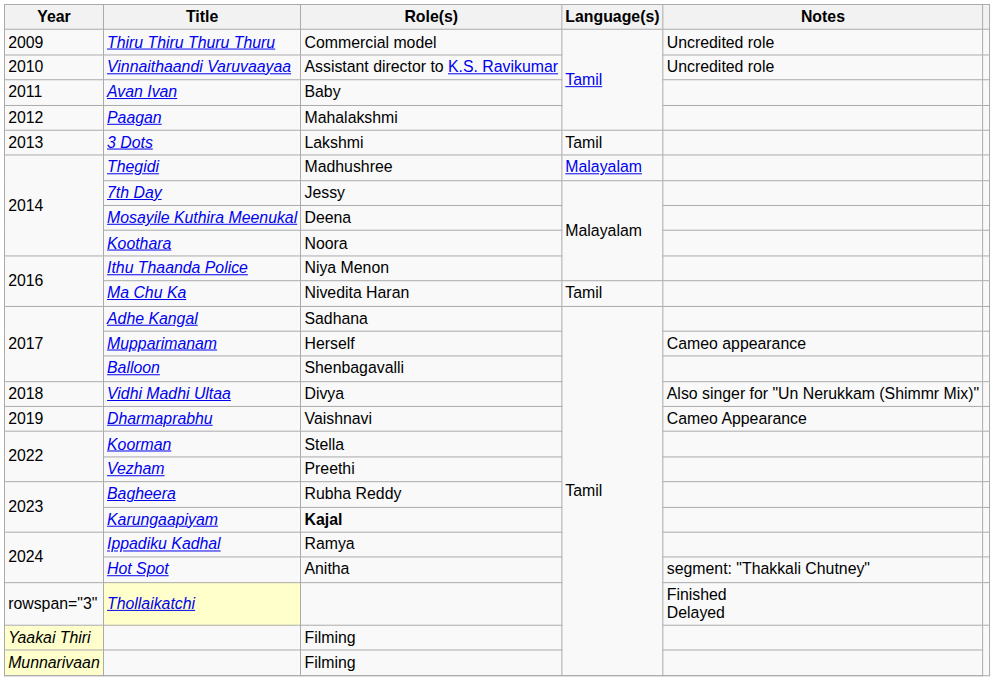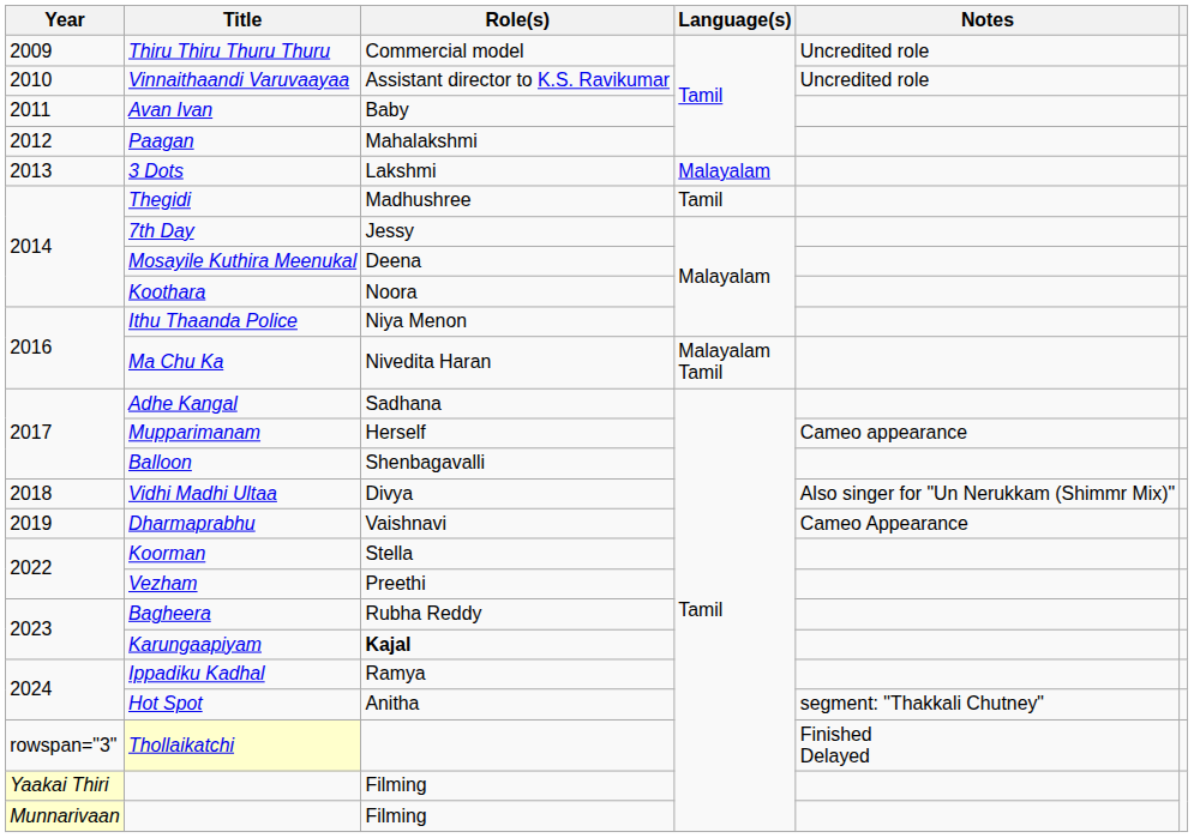 <table class="wikitable sortable">
 <tr>
 <th scope="col">Year</th>
 <th scope="col">Title</th>
 <th scope="col">Role(s)</th>
 <th scope="col">Language(s)</th>
 <th scope="col" class="unsortable">Notes</th>
 <th scope="col" class="unsortable"></th>
 </tr>
 <tr>
 <td>2009</td>
 <td><em><a href='#'>Thiru Thiru Thuru Thuru</a></em></td>
 <td>Commercial model</td>
 <td rowspan="4"><a href='#'>Tamil</a></td>
 <td>Uncredited role</td>
 <td></td>
 </tr>
 <tr>
 <td>2010</td>
 <td><em><a href='#'>Vinnaithaandi Varuvaayaa</a></em></td>
 <td>Assistant director to <a href='#'>K.S. Ravikumar</a></td>
 <td>Uncredited role</td>
 <td></td>
 </tr>
 <tr>
 <td>2011</td>
 <td><em><a href='#'>Avan Ivan</a></em></td>
 <td>Baby</td>
 <td></td>
 <td></td>
 </tr>
 <tr>
 <td>2012</td>
 <td><em><a href='#'>Paagan</a></em></td>
 <td>Mahalakshmi</td>
 <td></td>
 <td></td>
 </tr>
 <tr>
 <td>2013</td>
 <td><em><a href='#'>3 Dots</a></em></td>
 <td>Lakshmi</td>
-<td>Tamil</td>
+<td><a href='#'>Malayalam</a></td>
 <td></td>
 <td></td>
 </tr>
 <tr>
 <td rowspan="4">2014</td>
 <td><em><a href='#'>Thegidi</a></em></td>
 <td>Madhushree</td>
-<td><a href='#'>Malayalam</a></td>
+<td>Tamil</td>
 <td></td>
 <td></td>
 </tr>
 <tr>
 <td><em><a href='#'>7th Day</a></em></td>
 <td>Jessy</td>
 <td rowspan="4">Malayalam</td>
 <td></td>
 <td></td>
 </tr>
 <tr>
 <td><em><a href='#'>Mosayile Kuthira Meenukal</a></em></td>
 <td>Deena</td>
 <td></td>
 <td></td>
 </tr>
 <tr>
 <td><em><a href='#'>Koothara</a></em></td>
 <td>Noora</td>
 <td></td>
 <td></td>
 </tr>
 <tr>
 <td rowspan="2">2016</td>
 <td><em><a href='#'>Ithu Thaanda Police</a></em></td>
 <td>Niya Menon</td>
 <td></td>
 <td></td>
 </tr>
 <tr>
 <td><em><a href='#'>Ma Chu Ka</a></em></td>
 <td>Nivedita Haran</td>
-<td>Tamil</td>
+<td>Malayalam<br>Tamil</td>
 <td></td>
 <td></td>
 </tr>
 <tr>
 <td rowspan="3">2017</td>
 <td><em><a href='#'>Adhe Kangal</a></em></td>
 <td>Sadhana</td>
 <td rowspan="14">Tamil</td>
 <td></td>
 <td></td>
 </tr>
 <tr>
 <td><em><a href='#'>Mupparimanam</a></em></td>
 <td>Herself</td>
 <td>Cameo appearance</td>
 <td></td>
 </tr>
 <tr>
 <td><em><a href='#'>Balloon</a></em></td>
 <td>Shenbagavalli</td>
 <td></td>
 <td></td>
 </tr>
 <tr>
 <td>2018</td>
 <td><em><a href='#'>Vidhi Madhi Ultaa</a></em></td>
 <td>Divya</td>
 <td>Also singer for "Un Nerukkam (Shimmr Mix)"</td>
 <td></td>
 </tr>
 <tr>
 <td>2019</td>
 <td><em><a href='#'>Dharmaprabhu</a></em></td>
 <td>Vaishnavi</td>
 <td>Cameo Appearance</td>
 <td></td>
 </tr>
 <tr>
 <td rowspan="2">2022</td>
 <td><em><a href='#'>Koorman</a></em></td>
 <td>Stella</td>
 <td></td>
 <td></td>
 </tr>
 <tr>
 <td><em><a href='#'>Vezham</a></em></td>
 <td>Preethi</td>
 <td></td>
 <td></td>
 </tr>
 <tr>
 <td rowspan="2">2023</td>
 <td><em><a href='#'>Bagheera</a></em></td>
 <td>Rubha Reddy</td>
 <td></td>
 <td></td>
 </tr>
 <tr>
 <td><em><a href='#'>Karungaapiyam</a></em></td>
 <td><strong>Kajal</strong></td>
 <td></td>
 <td></td>
 </tr>
 <tr>
 <td rowspan="2">2024</td>
 <td><em><a href='#'>Ippadiku Kadhal</a></em></td>
 <td>Ramya</td>
 <td></td>
 <td></td>
 </tr>
 <tr>
 <td><em><a href='#'>Hot Spot</a></em></td>
 <td>Anitha</td>
 <td>segment: "Thakkali Chutney"</td>
 <td></td>
 </tr>
 <tr>
 <td>rowspan="3" </td>
 <td style="background:#FFFFCC;"><em><a href='#'>Thollaikatchi</a></em></td>
 <td></td>
 <td>Finished<br>Delayed</td>
 <td></td>
 </tr>
 <tr>
 <td style="background:#FFFFCC;"><em>Yaakai Thiri</em></td>
 <td></td>
 <td>Filming</td>
 <td></td>
 </tr>
 <tr>
 <td style="background:#FFFFCC;"><em>Munnarivaan</em></td>
 <td></td>
 <td>Filming</td>
 <td></td>
 </tr>
 <tr>
 </tr>
 </table>
